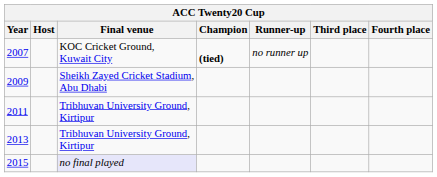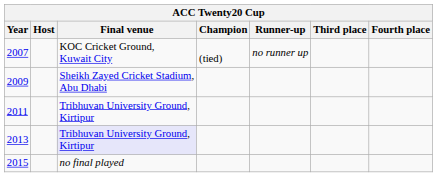 <table class="wikitable">
 <tr>
 <th colspan="7">ACC Twenty20 Cup</th>
 </tr>
 <tr>
 <th>Year</th>
 <th>Host</th>
 <th>Final venue</th>
 <th>Champion</th>
 <th>Runner-up</th>
 <th>Third place</th>
 <th>Fourth place</th>
 </tr>
 <tr>
 <td><a href='#'>2007</a></td>
 <td></td>
 <td>KOC Cricket Ground,<br><a href='#'>Kuwait City</a></td>
-<td><strong><br> (tied)</strong></td>
+<td><br> (tied)</td>
 <td><em>no runner up</em></td>
 <td></td>
 <td></td>
 </tr>
 <tr>
 <td><a href='#'>2009</a></td>
 <td></td>
 <td><a href='#'>Sheikh Zayed Cricket Stadium</a>,<br><a href='#'>Abu Dhabi</a></td>
 <td></td>
 <td></td>
 <td></td>
 <td></td>
 </tr>
 <tr>
 <td><a href='#'>2011</a></td>
 <td></td>
 <td><a href='#'>Tribhuvan University Ground</a>,<br><a href='#'>Kirtipur</a></td>
 <td></td>
 <td></td>
 <td></td>
 <td></td>
 </tr>
 <tr>
 <td><a href='#'>2013</a></td>
 <td></td>
-<td><a href='#'>Tribhuvan University Ground</a>,<br><a href='#'>Kirtipur</a></td>
+<td style="background: lavender;"><a href='#'>Tribhuvan University Ground</a>,<br><a href='#'>Kirtipur</a></td>
 <td></td>
 <td></td>
 <td></td>
 <td></td>
 </tr>
 <tr>
 <td><a href='#'>2015</a></td>
 <td></td>
-<td style="background: lavender;"><em>no final played</em></td>
+<td><em>no final played</em></td>
 <td></td>
 <td></td>
 <td></td>
 <td></td>
 </tr>
 </table>
